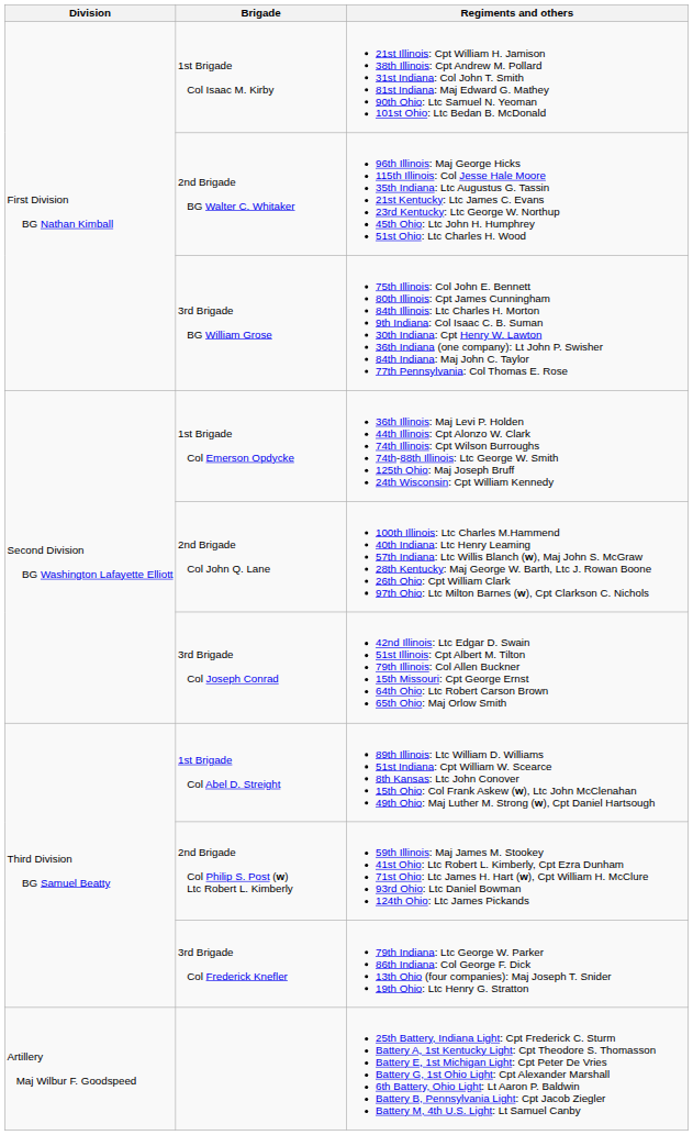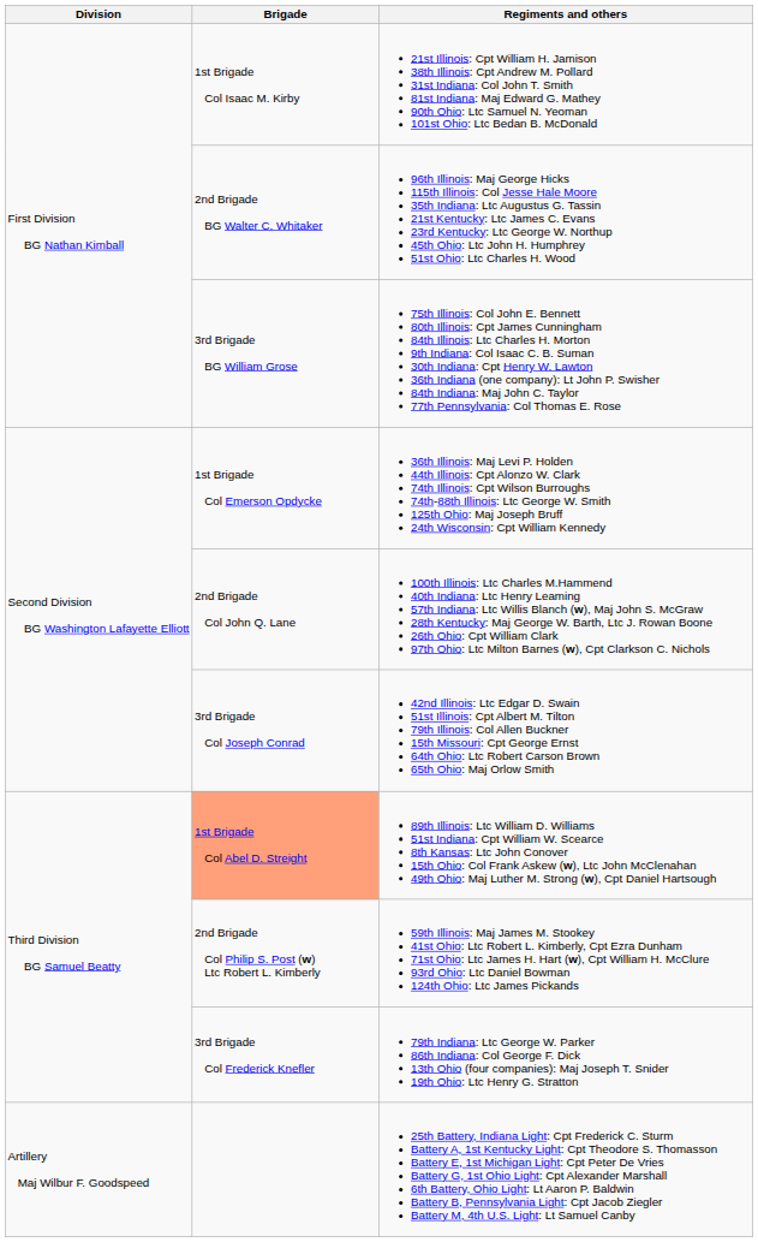 <table class="wikitable">
 <tr>
 <th width=25%>Division</th>
 <th width=25%>Brigade</th>
 <th>Regiments and others</th>
 </tr>
 <tr>
 <td rowspan=3><br>First Division<br><br>     BG <a href='#'>Nathan Kimball</a></td>
 <td>1st Brigade<br><br>   Col Isaac M. Kirby</td>
 <td><br><ul><li><a href='#'>21st Illinois</a>: Cpt William H. Jamison</li><li><a href='#'>38th Illinois</a>: Cpt Andrew M. Pollard</li><li><a href='#'>31st Indiana</a>: Col John T. Smith</li><li><a href='#'>81st Indiana</a>: Maj Edward G. Mathey</li><li><a href='#'>90th Ohio</a>: Ltc Samuel N. Yeoman</li><li><a href='#'>101st Ohio</a>: Ltc Bedan B. McDonald</li></ul></td>
 </tr>
 <tr>
 <td>2nd Brigade<br><br>   BG <a href='#'>Walter C. Whitaker</a></td>
 <td><br><ul><li><a href='#'>96th Illinois</a>: Maj George Hicks</li><li><a href='#'>115th Illinois</a>: Col <a href='#'>Jesse Hale Moore</a></li><li><a href='#'>35th Indiana</a>: Ltc Augustus G. Tassin</li><li><a href='#'>21st Kentucky</a>: Ltc James C. Evans</li><li><a href='#'>23rd Kentucky</a>: Ltc George W. Northup</li><li><a href='#'>45th Ohio</a>: Ltc John H. Humphrey</li><li><a href='#'>51st Ohio</a>: Ltc Charles H. Wood</li></ul></td>
 </tr>
 <tr>
 <td>3rd Brigade<br><br>   BG <a href='#'>William Grose</a></td>
 <td><br><ul><li><a href='#'>75th Illinois</a>: Col John E. Bennett</li><li><a href='#'>80th Illinois</a>: Cpt James Cunningham</li><li><a href='#'>84th Illinois</a>: Ltc Charles H. Morton</li><li><a href='#'>9th Indiana</a>: Col Isaac C. B. Suman</li><li><a href='#'>30th Indiana</a>: Cpt <a href='#'>Henry W. Lawton</a></li><li><a href='#'>36th Indiana</a> (one company): Lt John P. Swisher</li><li><a href='#'>84th Indiana</a>: Maj John C. Taylor</li><li><a href='#'>77th Pennsylvania</a>: Col Thomas E. Rose</li></ul></td>
 </tr>
 <tr>
 <td rowspan=3><br>Second Division<br><br>     BG <a href='#'>Washington Lafayette Elliott</a></td>
 <td>1st Brigade<br><br>   Col <a href='#'>Emerson Opdycke</a></td>
 <td><br><ul><li><a href='#'>36th Illinois</a>: Maj Levi P. Holden</li><li><a href='#'>44th Illinois</a>: Cpt Alonzo W. Clark</li><li><a href='#'>74th Illinois</a>: Cpt Wilson Burroughs</li><li><a href='#'>74th</a>-<a href='#'>88th Illinois</a>: Ltc George W. Smith</li><li><a href='#'>125th Ohio</a>: Maj Joseph Bruff</li><li><a href='#'>24th Wisconsin</a>: Cpt William Kennedy</li></ul></td>
 </tr>
 <tr>
 <td>2nd Brigade<br><br>   Col John Q. Lane</td>
 <td><br><ul><li><a href='#'>100th Illinois</a>: Ltc Charles M.Hammend</li><li><a href='#'>40th Indiana</a>: Ltc Henry Leaming</li><li><a href='#'>57th Indiana</a>: Ltc Willis Blanch (<strong>w</strong>), Maj John S. McGraw</li><li><a href='#'>28th Kentucky</a>: Maj George W. Barth, Ltc J. Rowan Boone</li><li><a href='#'>26th Ohio</a>: Cpt William Clark</li><li><a href='#'>97th Ohio</a>: Ltc Milton Barnes (<strong>w</strong>), Cpt Clarkson C. Nichols</li></ul></td>
 </tr>
 <tr>
 <td>3rd Brigade<br><br>   Col <a href='#'>Joseph Conrad</a></td>
 <td><br><ul><li><a href='#'>42nd Illinois</a>: Ltc Edgar D. Swain</li><li><a href='#'>51st Illinois</a>: Cpt Albert M. Tilton</li><li><a href='#'>79th Illinois</a>: Col Allen Buckner</li><li><a href='#'>15th Missouri</a>: Cpt George Ernst</li><li><a href='#'>64th Ohio</a>: Ltc Robert Carson Brown</li><li><a href='#'>65th Ohio</a>: Maj Orlow Smith</li></ul></td>
 </tr>
 <tr>
 <td rowspan=3><br>Third Division<br><br>     BG <a href='#'>Samuel Beatty</a></td>
-<td><a href='#'>1st Brigade</a><br><br>   Col <a href='#'>Abel D. Streight</a></td>
+<td style="background: lightsalmon;"><a href='#'>1st Brigade</a><br><br>   Col <a href='#'>Abel D. Streight</a></td>
 <td><br><ul><li><a href='#'>89th Illinois</a>: Ltc William D. Williams</li><li><a href='#'>51st Indiana</a>: Cpt William W. Scearce</li><li><a href='#'>8th Kansas</a>: Ltc John Conover</li><li><a href='#'>15th Ohio</a>: Col Frank Askew (<strong>w</strong>), Ltc John McClenahan</li><li><a href='#'>49th Ohio</a>: Maj Luther M. Strong (<strong>w</strong>), Cpt Daniel Hartsough</li></ul></td>
 </tr>
 <tr>
 <td>2nd Brigade<br><br>   Col <a href='#'>Philip S. Post</a> (<strong>w</strong>) <br>   Ltc Robert L. Kimberly</td>
 <td><br><ul><li><a href='#'>59th Illinois</a>: Maj James M. Stookey</li><li><a href='#'>41st Ohio</a>: Ltc Robert L. Kimberly, Cpt Ezra Dunham</li><li><a href='#'>71st Ohio</a>: Ltc James H. Hart (<strong>w</strong>), Cpt William H. McClure</li><li><a href='#'>93rd Ohio</a>: Ltc Daniel Bowman</li><li><a href='#'>124th Ohio</a>: Ltc James Pickands</li></ul></td>
 </tr>
 <tr>
 <td>3rd Brigade<br><br>   Col <a href='#'>Frederick Knefler</a></td>
 <td><br><ul><li><a href='#'>79th Indiana</a>: Ltc George W. Parker</li><li><a href='#'>86th Indiana</a>: Col George F. Dick</li><li><a href='#'>13th Ohio</a> (four companies): Maj Joseph T. Snider</li><li><a href='#'>19th Ohio</a>: Ltc Henry G. Stratton</li></ul></td>
 </tr>
 <tr>
 <td>Artillery<br><br>   Maj Wilbur F. Goodspeed</td>
 <td></td>
 <td><br><ul><li><a href='#'>25th Battery, Indiana Light</a>: Cpt Frederick C. Sturm</li><li><a href='#'>Battery A, 1st Kentucky Light</a>: Cpt Theodore S. Thomasson</li><li><a href='#'>Battery E, 1st Michigan Light</a>: Cpt Peter De Vries</li><li><a href='#'>Battery G, 1st Ohio Light</a>: Cpt Alexander Marshall</li><li><a href='#'>6th Battery, Ohio Light</a>: Lt Aaron P. Baldwin</li><li><a href='#'>Battery B, Pennsylvania Light</a>: Cpt Jacob Ziegler</li><li><a href='#'>Battery M, 4th U.S. Light</a>: Lt Samuel Canby</li></ul></td>
 </tr>
 </table>
